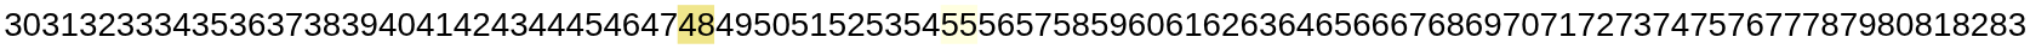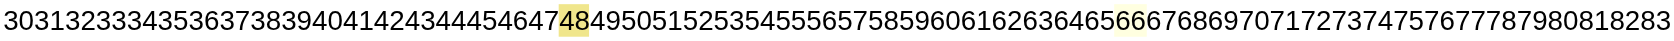 <table Cellpadding="0" CellSpacing="0" style="font-size:100%; border:0px solid #aaaaaa; padding:1px;">
 <tr style="vertical-align:bottom">
 <td></td>
 <td></td>
 <td></td>
 <td></td>
 <td></td>
 <td></td>
 <td></td>
 <td></td>
 <td></td>
 <td></td>
 <td></td>
 <td></td>
 <td></td>
 <td></td>
 <td></td>
 <td></td>
 <td></td>
 <td></td>
 <td></td>
 <td></td>
 <td></td>
 <td></td>
 <td></td>
 <td></td>
 <td></td>
 <td></td>
 <td></td>
 <td></td>
 <td></td>
 <td></td>
 <td></td>
 <td></td>
 <td></td>
 <td></td>
 <td></td>
 <td></td>
 <td></td>
 <td></td>
 <td></td>
 <td></td>
 <td></td>
 <td></td>
 <td></td>
 <td></td>
 <td></td>
 <td></td>
 <td></td>
 <td></td>
 <td></td>
 <td></td>
 <td></td>
 <td></td>
 <td></td>
 <td></td>
 </tr>
 <tr style="text-align:center; font-size:80%;">
 <td>30</td>
 <td>31</td>
 <td>32</td>
 <td>33</td>
 <td>34</td>
 <td>35</td>
 <td>36</td>
 <td>37</td>
 <td>38</td>
 <td>39</td>
 <td>40</td>
 <td>41</td>
 <td>42</td>
 <td>43</td>
 <td>44</td>
 <td>45</td>
 <td>46</td>
 <td>47</td>
 <td style="background: khaki;">48</td>
 <td>49</td>
 <td>50</td>
 <td>51</td>
 <td>52</td>
 <td>53</td>
 <td>54</td>
-<td style="background: lightyellow;">55</td>
+<td>55</td>
 <td>56</td>
 <td>57</td>
 <td>58</td>
 <td>59</td>
 <td>60</td>
 <td>61</td>
 <td>62</td>
 <td>63</td>
 <td>64</td>
 <td>65</td>
-<td>66</td>
+<td style="background: lightyellow;">66</td>
 <td>67</td>
 <td>68</td>
 <td>69</td>
 <td>70</td>
 <td>71</td>
 <td>72</td>
 <td>73</td>
 <td>74</td>
 <td>75</td>
 <td>76</td>
 <td>77</td>
 <td>78</td>
 <td>79</td>
 <td>80</td>
 <td>81</td>
 <td>82</td>
 <td>83</td>
 </tr>
 </table>
